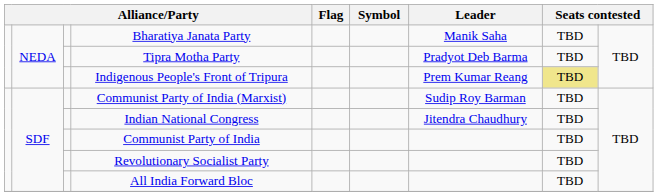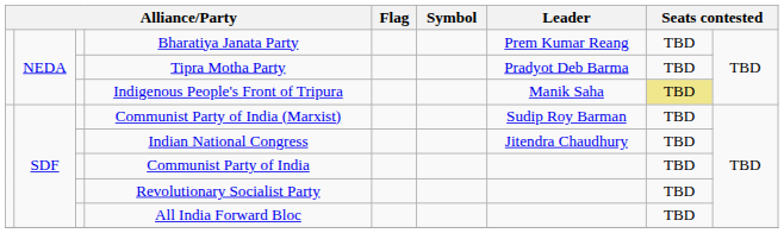 <table class="wikitable sortable" width="50%" style="text-align:center;">
 <tr>
 <th colspan=4>Alliance/Party</th>
 <th>Flag</th>
 <th>Symbol</th>
 <th>Leader</th>
 <th colspan=4>Seats contested</th>
 </tr>
 <tr>
 <td rowspan=3 style="text-align:center; background:"></td>
 <td rowspan=3><a href='#'>NEDA</a></td>
 <td style="text-align:center; background:"></td>
 <td><a href='#'>Bharatiya Janata Party</a></td>
 <td></td>
 <td></td>
-<td><a href='#'>Manik Saha</a></td>
+<td><a href='#'>Prem Kumar Reang</a></td>
 <td>TBD</td>
 <td rowspan=3>TBD</td>
 </tr>
 <tr>
 <td style="text-align:center; background:"></td>
 <td><a href='#'>Tipra Motha Party</a></td>
 <td></td>
 <td></td>
 <td><a href='#'>Pradyot Deb Barma</a></td>
 <td>TBD</td>
 </tr>
 <tr>
 <td style="text-align:Center; background:"></td>
 <td><a href='#'>Indigenous People's Front of Tripura</a></td>
 <td></td>
 <td></td>
-<td><a href='#'>Prem Kumar Reang</a></td>
+<td><a href='#'>Manik Saha</a></td>
 <td style="background: khaki;">TBD</td>
 </tr>
 <tr>
 <td rowspan=5 style="text-align:center; background:"></td>
 <td rowspan=5><a href='#'>SDF</a></td>
 <td style="text-align:center; background:"></td>
 <td><a href='#'>Communist Party of India (Marxist)</a></td>
 <td></td>
 <td></td>
 <td><a href='#'>Sudip Roy Barman</a></td>
 <td>TBD</td>
 <td rowspan=5>TBD</td>
 </tr>
 <tr>
 <td style="text-align:center; background:"></td>
 <td><a href='#'>Indian National Congress</a></td>
 <td></td>
 <td></td>
 <td><a href='#'>Jitendra Chaudhury</a></td>
 <td>TBD</td>
 </tr>
 <tr>
 <td style="text-align:center; background:"></td>
 <td><a href='#'>Communist Party of India</a></td>
 <td></td>
 <td></td>
 <td></td>
 <td>TBD</td>
 </tr>
 <tr>
 <td style="text-align:center; background:"></td>
 <td><a href='#'>Revolutionary Socialist Party</a></td>
 <td></td>
 <td></td>
 <td></td>
 <td>TBD</td>
 </tr>
 <tr>
 <td style="text-align:Center; background:"></td>
 <td><a href='#'>All India Forward Bloc</a></td>
 <td></td>
 <td></td>
 <td></td>
 <td>TBD</td>
 </tr>
 <tr>
 </tr>
 </table>
